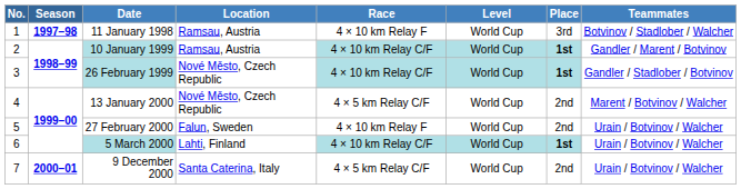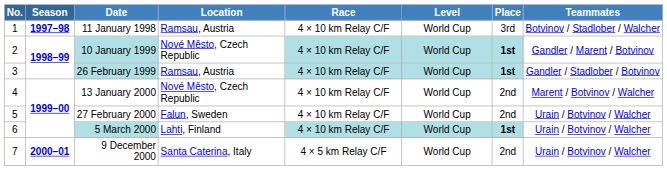 <table class="wikitable sortable" style="font-size:95%; text-align:center; border:grey solid 1px; border-collapse:collapse; background:#ffffff;">
 <tr style="background:#efefef;">
 <th style="background-color:#369; color:white;">No.</th>
 <th style="background-color:#369; color:white;">Season</th>
 <th style="background-color:#4180be; color:white; width:120px;">Date</th>
 <th style="background-color:#4180be; color:white; width:185px;">Location</th>
 <th style="background-color:#4180be; color:white; width:170px;">Race</th>
 <th style="background-color:#4180be; color:white; width:130px;">Level</th>
 <th style="background-color:#4180be; color:white;">Place</th>
 <th style="background-color:#4180be; color:white;">Teammates</th>
 </tr>
 <tr>
 <td align=center>1</td>
 <td rowspan=1 align=center><strong> <a href='#'>1997–98</a> </strong></td>
 <td align=right>11 January 1998</td>
 <td align=left> <a href='#'>Ramsau</a>, Austria</td>
-<td>4 × 10 km Relay F</td>
+<td>4 × 10 km Relay C/F</td>
 <td>World Cup</td>
 <td>3rd</td>
 <td><a href='#'>Botvinov</a> / <a href='#'>Stadlober</a> / <a href='#'>Walcher</a></td>
 </tr>
 <tr>
 <td align=center>2</td>
 <td rowspan=2 align=center><strong><a href='#'>1998–99</a></strong></td>
 <td bgcolor="#BOEOE6" align=right>10 January 1999</td>
-<td align=left> <a href='#'>Ramsau</a>, Austria</td>
+<td align=left> <a href='#'>Nové Město</a>, Czech Republic</td>
 <td bgcolor="#BOEOE6">4 × 10 km Relay C/F</td>
 <td bgcolor="#BOEOE6">World Cup</td>
 <td bgcolor="#BOEOE6"><strong>1st</strong></td>
 <td><a href='#'>Gandler</a> / <a href='#'>Marent</a> / <a href='#'>Botvinov</a></td>
 </tr>
 <tr>
 <td align=center>3</td>
 <td bgcolor="#BOEOE6" align=right>26 February 1999</td>
-<td align=left> <a href='#'>Nové Město</a>, Czech Republic</td>
+<td align=left> <a href='#'>Ramsau</a>, Austria</td>
 <td bgcolor="#BOEOE6">4 × 10 km Relay C/F</td>
 <td bgcolor="#BOEOE6">World Cup</td>
 <td bgcolor="#BOEOE6"><strong>1st</strong></td>
 <td><a href='#'>Gandler</a> / <a href='#'>Stadlober</a> / <a href='#'>Botvinov</a></td>
 </tr>
 <tr>
 <td align=center>4</td>
 <td rowspan=3 align=center><strong> <a href='#'>1999–00</a> </strong></td>
 <td align=right>13 January 2000</td>
 <td align=left> <a href='#'>Nové Město</a>, Czech Republic</td>
-<td>4 × 5 km Relay C/F</td>
+<td>4 × 10 km Relay C/F</td>
 <td>World Cup</td>
 <td>2nd</td>
 <td><a href='#'>Marent</a> / <a href='#'>Botvinov</a> / <a href='#'>Walcher</a></td>
 </tr>
 <tr>
 <td align=center>5</td>
 <td align=right>27 February 2000</td>
 <td align=left> <a href='#'>Falun</a>, Sweden</td>
-<td>4 × 10 km Relay F</td>
+<td>4 × 10 km Relay C/F</td>
 <td>World Cup</td>
 <td>2nd</td>
 <td><a href='#'>Urain</a> / <a href='#'>Botvinov</a> / <a href='#'>Walcher</a></td>
 </tr>
 <tr>
 <td align=center>6</td>
 <td bgcolor="#BOEOE6" align=right>5 March 2000</td>
 <td align=left> <a href='#'>Lahti</a>, Finland</td>
 <td bgcolor="#BOEOE6">4 × 10 km Relay C/F</td>
 <td bgcolor="#BOEOE6">World Cup</td>
 <td bgcolor="#BOEOE6"><strong>1st</strong></td>
 <td><a href='#'>Urain</a> / <a href='#'>Botvinov</a> / <a href='#'>Walcher</a></td>
 </tr>
 <tr>
 <td align=center>7</td>
 <td rowspan=1 align=center><strong> <a href='#'>2000–01</a> </strong></td>
 <td align=right>9 December 2000</td>
 <td align=left> <a href='#'>Santa Caterina</a>, Italy</td>
 <td>4 × 5 km Relay C/F</td>
 <td>World Cup</td>
 <td>2nd</td>
 <td><a href='#'>Urain</a> / <a href='#'>Botvinov</a> / <a href='#'>Walcher</a></td>
 </tr>
 </table>
